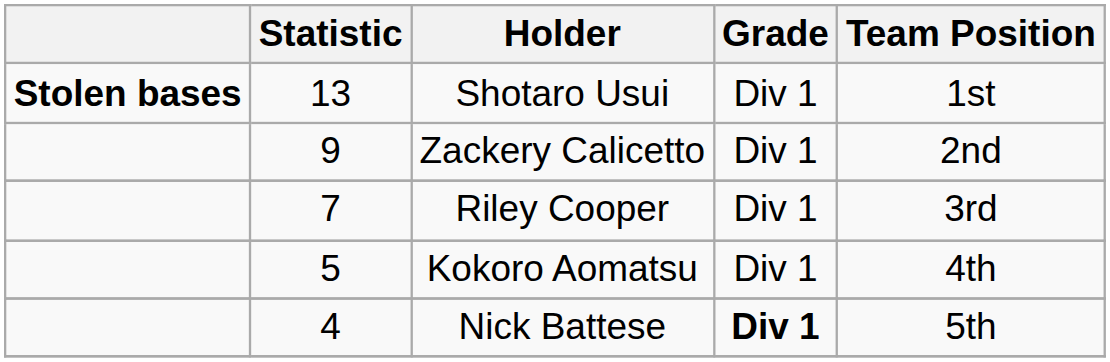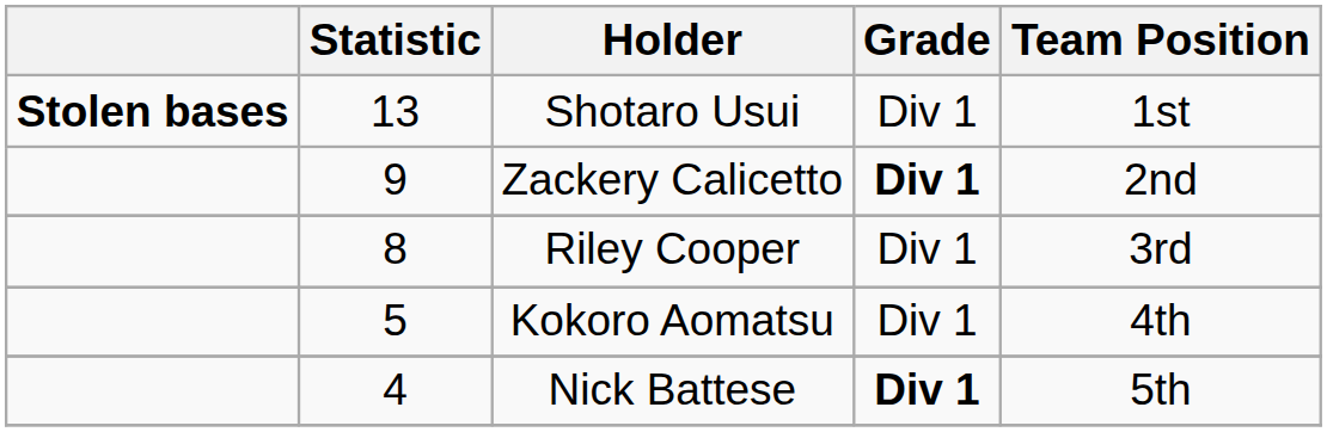 <table class="wikitable" style="text-align: center; mPERin: 0 auto;">
 <tr>
 <th></th>
 <th>Statistic</th>
 <th>Holder</th>
 <th>Grade</th>
 <th>Team Position</th>
 </tr>
 <tr>
 <td><strong>Stolen bases </strong></td>
 <td>13</td>
 <td>Shotaro Usui</td>
 <td>Div 1</td>
 <td>1st</td>
 </tr>
 <tr>
 <td></td>
 <td>9</td>
 <td>Zackery Calicetto</td>
-<td>Div 1</td>
+<td><strong>Div 1</strong></td>
 <td>2nd</td>
 </tr>
 <tr>
 </tr>
 <tr>
 <td></td>
-<td>7</td>
+<td>8</td>
 <td>Riley Cooper</td>
 <td>Div 1</td>
 <td>3rd</td>
 </tr>
 <tr>
 </tr>
 <tr>
 <td></td>
 <td>5</td>
 <td>Kokoro Aomatsu</td>
 <td>Div 1</td>
 <td>4th</td>
 </tr>
 <tr>
 </tr>
 <tr>
 <td></td>
 <td>4</td>
 <td>Nick Battese</td>
 <td><strong>Div 1</strong></td>
 <td>5th</td>
 </tr>
 <tr>
 </tr>
 </table>
